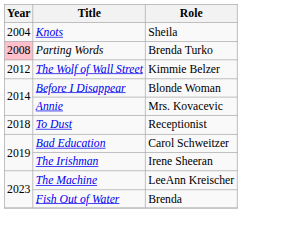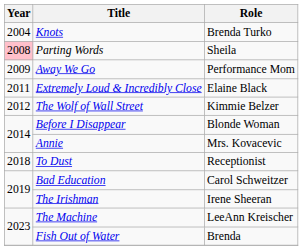 <table class="wikitable sortable">
 <tr>
 <th>Year</th>
 <th>Title</th>
 <th>Role</th>
 </tr>
 <tr>
 <td>2004</td>
 <td style="text-align:left;"><em><a href='#'>Knots</a></em></td>
-<td style="text-align:left;">Sheila</td>
+<td style="text-align:left;">Brenda Turko</td>
 </tr>
 <tr>
 <td style="background: pink;">2008</td>
 <td style="text-align:left;"><em>Parting Words</em></td>
-<td style="text-align:left;">Brenda Turko</td>
+<td style="text-align:left;">Sheila</td>
+</tr>
+<tr>
+<td>2009</td>
+<td style="text-align:left;"><em><a href='#'>Away We Go</a></em></td>
+<td style="text-align:left;">Performance Mom</td>
+</tr>
+<tr>
+<td>2011</td>
+<td style="text-align:left;"><em><a href='#'>Extremely Loud & Incredibly Close</a></em></td>
+<td style="text-align:left;">Elaine Black</td>
 </tr>
 <tr>
 <td>2012</td>
 <td style="text-align:left;"><em><a href='#'>The Wolf of Wall Street</a></em></td>
 <td style="text-align:left;">Kimmie Belzer</td>
 </tr>
 <tr>
 <td rowspan=2>2014</td>
 <td style="text-align:left;"><em><a href='#'>Before I Disappear</a></em></td>
 <td style="text-align:left;">Blonde Woman</td>
 </tr>
 <tr>
 <td style="text-align:left;"><em><a href='#'>Annie</a></em></td>
 <td style="text-align:left;">Mrs. Kovacevic</td>
 </tr>
 <tr>
 <td>2018</td>
 <td style="text-align:left;"><em><a href='#'>To Dust</a></em></td>
 <td style="text-align:left;">Receptionist</td>
 </tr>
 <tr>
 <td rowspan=2>2019</td>
 <td style="text-align:left;"><em><a href='#'>Bad Education</a></em></td>
 <td style="text-align:left;">Carol Schweitzer</td>
 </tr>
 <tr>
 <td style="text-align:left;"><em><a href='#'>The Irishman</a></em></td>
 <td style="text-align:left;">Irene Sheeran</td>
 </tr>
 <tr>
 <td rowspan=2>2023</td>
 <td style="text-align:left;"><em><a href='#'>The Machine</a></em></td>
 <td style="text-align:left;">LeeAnn Kreischer</td>
 </tr>
 <tr>
 <td style="text-align:left;"><em><a href='#'>Fish Out of Water</a></em></td>
 <td style="text-align:left;">Brenda</td>
 </tr>
 <tr>
 </tr>
 </table>
